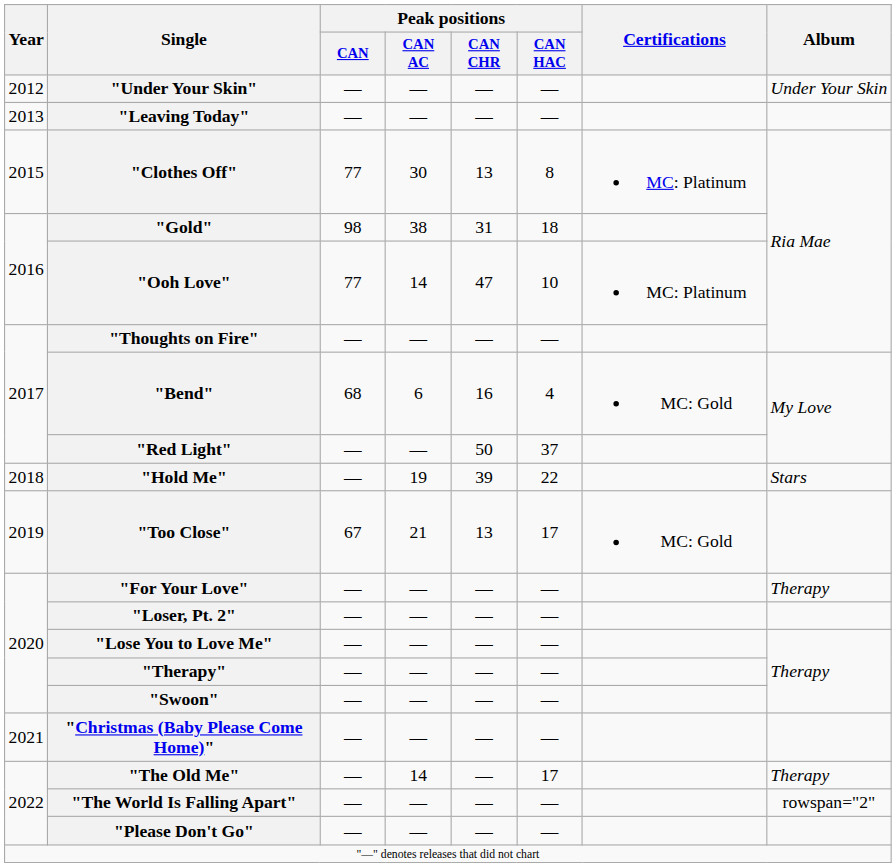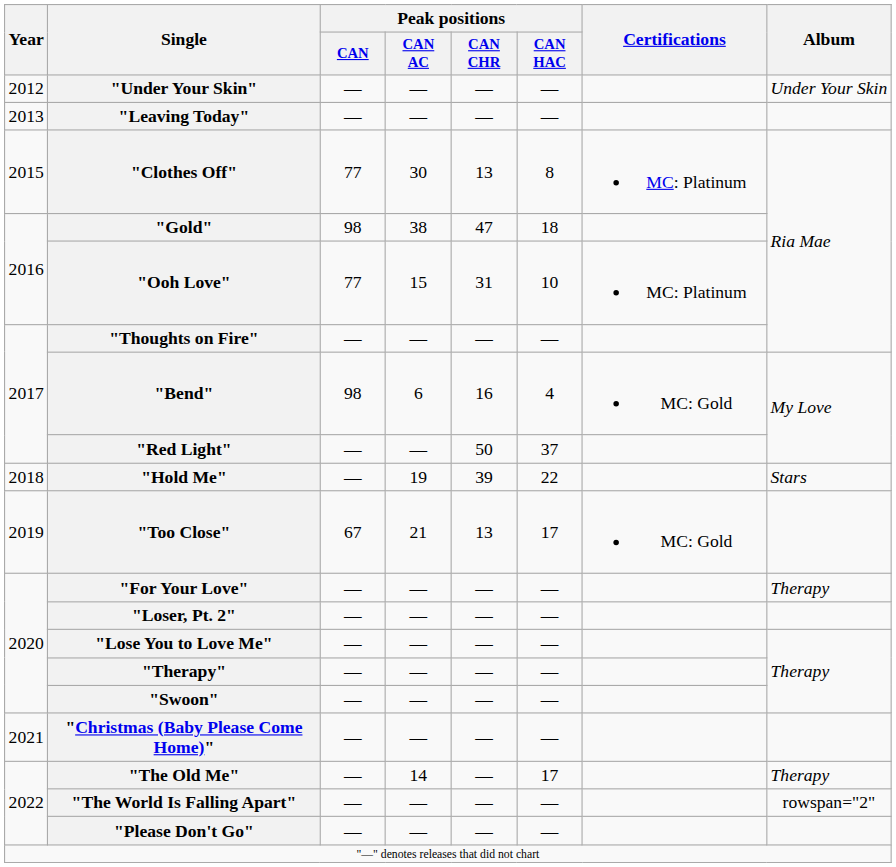 <table class="wikitable plainrowheaders" style="text-align:center;">
 <tr>
 <th rowspan="2">Year</th>
 <th rowspan="2" style="width:15em;">Single</th>
 <th colspan="4">Peak positions</th>
 <th rowspan="2" style="width:10em;"><a href='#'>Certifications</a></th>
 <th rowspan="2">Album</th>
 </tr>
 <tr style="font-size:smaller;">
 <th style="width:4em;"><a href='#'>CAN</a><br></th>
 <th style="width:4em;"><a href='#'>CAN <br>AC</a><br></th>
 <th style="width:4em;"><a href='#'>CAN CHR</a><br></th>
 <th style="width:4em;"><a href='#'>CAN HAC</a><br></th>
 </tr>
 <tr>
 <td>2012</td>
 <th scope="row">"Under Your Skin"</th>
 <td>—</td>
 <td>—</td>
 <td>—</td>
 <td>—</td>
 <td></td>
 <td align="left"><em>Under Your Skin</em></td>
 </tr>
 <tr>
 <td>2013</td>
 <th scope="row">"Leaving Today"</th>
 <td>—</td>
 <td>—</td>
 <td>—</td>
 <td>—</td>
 <td></td>
 <td></td>
 </tr>
 <tr>
 <td>2015</td>
 <th scope="row">"Clothes Off"</th>
 <td>77</td>
 <td>30</td>
 <td>13</td>
 <td>8</td>
 <td><br><ul><li><a href='#'>MC</a>: Platinum</li></ul></td>
 <td rowspan="4" align="left"><em>Ria Mae</em></td>
 </tr>
 <tr>
 <td rowspan="2">2016</td>
 <th scope="row">"Gold"</th>
 <td>98</td>
 <td>38</td>
-<td>31</td>
+<td>47</td>
 <td>18</td>
 <td></td>
 </tr>
 <tr>
 <th scope="row">"Ooh Love"</th>
 <td>77</td>
-<td>14</td>
-<td>47</td>
+<td>15</td>
+<td>31</td>
 <td>10</td>
 <td><br><ul><li>MC: Platinum</li></ul></td>
 </tr>
 <tr>
 <td rowspan="3">2017</td>
 <th scope="row">"Thoughts on Fire" <br> </th>
 <td>—</td>
 <td>—</td>
 <td>—</td>
 <td>—</td>
 <td></td>
 </tr>
 <tr>
 <th scope="row">"Bend"</th>
-<td>68</td>
+<td>98</td>
 <td>6</td>
 <td>16</td>
 <td>4</td>
 <td><br><ul><li>MC: Gold</li></ul></td>
 <td align="left" rowspan="2"><em>My Love</em></td>
 </tr>
 <tr>
 <th scope="row">"Red Light"</th>
 <td>—</td>
 <td>—</td>
 <td>50</td>
 <td>37</td>
 <td></td>
 </tr>
 <tr>
 <td>2018</td>
 <th scope="row">"Hold Me"<br></th>
 <td>—</td>
 <td>19</td>
 <td>39</td>
 <td>22</td>
 <td></td>
 <td align="left"><em>Stars</em></td>
 </tr>
 <tr>
 <td>2019</td>
 <th scope="row">"Too Close"<br></th>
 <td>67</td>
 <td>21</td>
 <td>13</td>
 <td>17</td>
 <td><br><ul><li>MC: Gold</li></ul></td>
 <td></td>
 </tr>
 <tr>
 <td rowspan="5">2020</td>
 <th scope="row">"For Your Love"</th>
 <td>—</td>
 <td>—</td>
 <td>—</td>
 <td>—</td>
 <td></td>
 <td align="left"><em>Therapy</em></td>
 </tr>
 <tr>
 <th scope="row">"Loser, Pt. 2"<br></th>
 <td>—</td>
 <td>—</td>
 <td>—</td>
 <td>—</td>
 <td></td>
 <td></td>
 </tr>
 <tr>
 <th scope="row">"Lose You to Love Me"<br></th>
 <td>—</td>
 <td>—</td>
 <td>—</td>
 <td>—</td>
 <td></td>
 <td align="left" rowspan="3"><em>Therapy</em></td>
 </tr>
 <tr>
 <th scope="row">"Therapy"<br></th>
 <td>—</td>
 <td>—</td>
 <td>—</td>
 <td>—</td>
 <td></td>
 </tr>
 <tr>
 <th scope="row">"Swoon"<br></th>
 <td>—</td>
 <td>—</td>
 <td>—</td>
 <td>—</td>
 <td></td>
 </tr>
 <tr>
 <td>2021</td>
 <th scope="row">"<a href='#'>Christmas (Baby Please Come Home)</a>"</th>
 <td>—</td>
 <td>—</td>
 <td>—</td>
 <td>—</td>
 <td></td>
 <td></td>
 </tr>
 <tr>
 <td rowspan="3">2022</td>
 <th scope="row">"The Old Me"</th>
 <td>—</td>
 <td>14</td>
 <td>—</td>
 <td>17</td>
 <td></td>
 <td align="left"><em>Therapy</em></td>
 </tr>
 <tr>
 <th scope="row">"The World Is Falling Apart"<br></th>
 <td>—</td>
 <td>—</td>
 <td>—</td>
 <td>—</td>
 <td></td>
 <td>rowspan="2" </td>
 </tr>
 <tr>
 <th scope="row">"Please Don't Go"</th>
 <td>—</td>
 <td>—</td>
 <td>—</td>
 <td>—</td>
 <td></td>
 </tr>
 <tr>
 <td colspan="10" style="font-size:8pt">"—" denotes releases that did not chart</td>
 </tr>
 </table>
